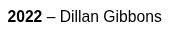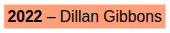 <table cellpadding="3" style="font-size:.9em">
 <tr>
 </tr>
 <tr>
 </tr>
 <tr style="vertical-align:top;">
-<td><strong>2022</strong> – Dillan Gibbons</td>
+<td style="background: lightsalmon;"><strong>2022</strong> – Dillan Gibbons</td>
 </tr>
 </table>
